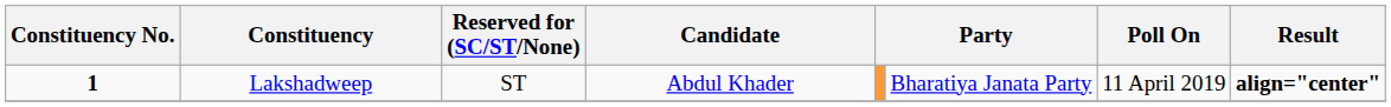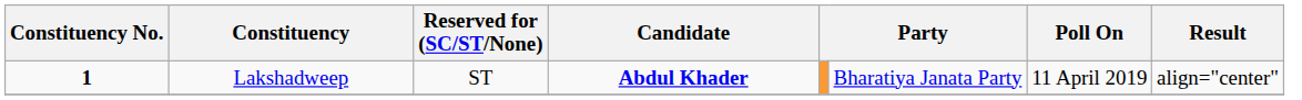 <table class="wikitable sortable" style="text-align:center;">
 <tr>
 <th>Constituency No.</th>
 <th style="width:180px;">Constituency</th>
 <th>Reserved for<br>(<a href='#'>SC/ST</a>/None)</th>
 <th style="width:200px;">Candidate</th>
 <th colspan="2">Party</th>
 <th>Poll On</th>
 <th>Result</th>
 </tr>
 <tr>
 <td align="center"><strong>1</strong></td>
 <td><a href='#'>Lakshadweep</a></td>
 <td align="center">ST</td>
-<td><a href='#'>Abdul Khader</a></td>
+<td><strong><a href='#'>Abdul Khader</a></strong></td>
 <td bgcolor=#FF9933></td>
 <td><a href='#'>Bharatiya Janata Party</a></td>
 <td align="center">11 April 2019</td>
-<td><strong>align="center" </strong></td>
+<td>align="center" </td>
 </tr>
 <tr>
 </tr>
 </table>
